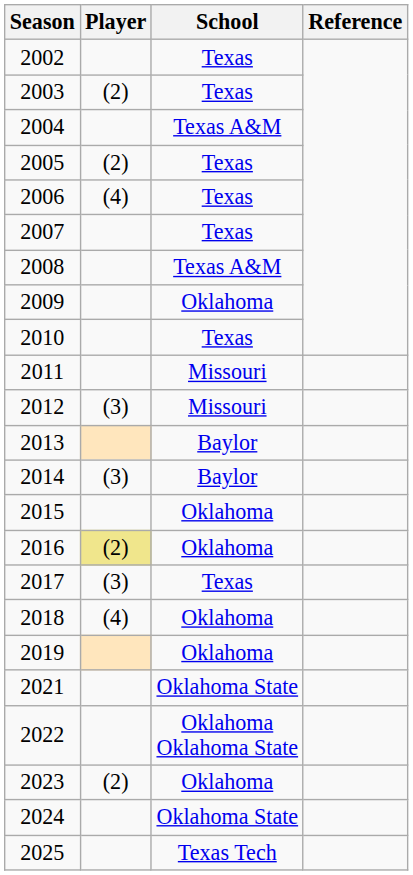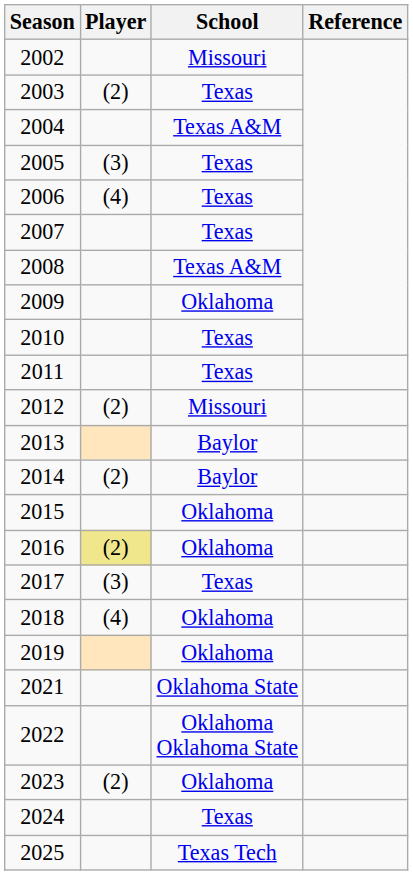 <table class="wikitable sortable">
 <tr>
 <th>Season</th>
 <th>Player</th>
 <th>School</th>
 <th class="unsortable">Reference</th>
 </tr>
 <tr align=center>
 <td>2002</td>
 <td></td>
-<td><a href='#'>Texas</a></td>
+<td><a href='#'>Missouri</a></td>
 <td rowspan="9"></td>
 </tr>
 <tr align=center>
 <td>2003</td>
 <td> (2)</td>
 <td><a href='#'>Texas</a></td>
 </tr>
 <tr align=center>
 <td>2004</td>
 <td></td>
 <td><a href='#'>Texas A&M</a></td>
 </tr>
 <tr align=center>
 <td>2005</td>
-<td> (2)</td>
+<td> (3)</td>
 <td><a href='#'>Texas</a></td>
 </tr>
 <tr align=center>
 <td>2006</td>
 <td> (4)</td>
 <td><a href='#'>Texas</a></td>
 </tr>
 <tr align=center>
 <td>2007</td>
 <td> <br></td>
 <td><a href='#'>Texas</a></td>
 </tr>
 <tr align=center>
 <td>2008</td>
 <td></td>
 <td><a href='#'>Texas A&M</a></td>
 </tr>
 <tr align=center>
 <td>2009</td>
 <td></td>
 <td><a href='#'>Oklahoma</a></td>
 </tr>
 <tr align=center>
 <td>2010</td>
 <td></td>
 <td><a href='#'>Texas</a></td>
 </tr>
 <tr align=center>
 <td>2011</td>
 <td></td>
-<td><a href='#'>Missouri</a></td>
+<td><a href='#'>Texas</a></td>
 <td style="text-align:center;"></td>
 </tr>
 <tr align=center>
 <td>2012</td>
-<td> (3)</td>
+<td> (2)</td>
 <td><a href='#'>Missouri</a></td>
 <td style="text-align:center;"></td>
 </tr>
 <tr align=center>
 <td>2013</td>
 <td style="background:#ffe6bd;"></td>
 <td><a href='#'>Baylor</a></td>
 <td style="text-align:center;"></td>
 </tr>
 <tr align=center>
 <td>2014</td>
-<td> (3)</td>
+<td> (2)</td>
 <td><a href='#'>Baylor</a></td>
 <td style="text-align:center;"></td>
 </tr>
 <tr align=center>
 <td>2015</td>
 <td></td>
 <td><a href='#'>Oklahoma</a></td>
 <td style="text-align:center;"></td>
 </tr>
 <tr align=center>
 <td>2016</td>
 <td style="background: khaki;"> (2)</td>
 <td><a href='#'>Oklahoma</a></td>
 <td style="text-align:center;"></td>
 </tr>
 <tr align=center>
 <td>2017</td>
 <td> (3)</td>
 <td><a href='#'>Texas</a></td>
 <td style="text-align:center;"></td>
 </tr>
 <tr align=center>
 <td>2018</td>
 <td> (4)</td>
 <td><a href='#'>Oklahoma</a></td>
 <td style="text-align:center;"></td>
 </tr>
 <tr align=center>
 <td>2019</td>
 <td style="background:#ffe6bd;"></td>
 <td><a href='#'>Oklahoma</a></td>
 <td style="text-align:center;"></td>
 </tr>
 <tr align=center>
 <td>2021</td>
 <td></td>
 <td><a href='#'>Oklahoma State</a></td>
 <td style="text-align:center;"></td>
 </tr>
 <tr align=center>
 <td>2022</td>
 <td> <br></td>
 <td><a href='#'>Oklahoma</a> <br><a href='#'>Oklahoma State</a></td>
 <td style="text-align:center;"></td>
 </tr>
 <tr align=center>
 <td>2023</td>
 <td> (2)</td>
 <td><a href='#'>Oklahoma</a></td>
 <td style="text-align:center;"></td>
 </tr>
 <tr align=center>
 <td>2024</td>
 <td></td>
-<td><a href='#'>Oklahoma State</a></td>
+<td><a href='#'>Texas</a></td>
 <td style="text-align:center;"></td>
 </tr>
 <tr align=center>
 <td>2025</td>
 <td></td>
 <td><a href='#'>Texas Tech</a></td>
 <td style="text-align:center;"></td>
 </tr>
 </table>
